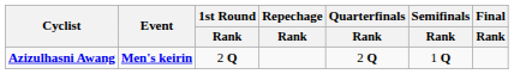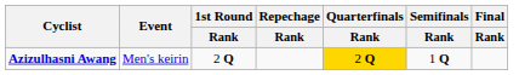 <table class="wikitable" style="font-size:90%">
 <tr>
 <th rowspan=2>Cyclist</th>
 <th rowspan=2>Event</th>
 <th>1st Round</th>
 <th>Repechage</th>
 <th>Quarterfinals</th>
 <th>Semifinals</th>
 <th>Final</th>
 </tr>
 <tr style="font-size:95%">
 <th>Rank</th>
 <th>Rank</th>
 <th>Rank</th>
 <th>Rank</th>
 <th>Rank</th>
 </tr>
 <tr align=center>
 <td align=left><strong><a href='#'>Azizulhasni Awang</a></strong></td>
-<td align=left><strong><a href='#'>Men's keirin</a></strong></td>
+<td align=left><a href='#'>Men's keirin</a></td>
 <td>2 <strong>Q</strong></td>
 <td></td>
-<td>2 <strong>Q</strong></td>
+<td style="background: gold;">2 <strong>Q</strong></td>
 <td>1 <strong>Q</strong></td>
 <td></td>
 </tr>
 </table>
